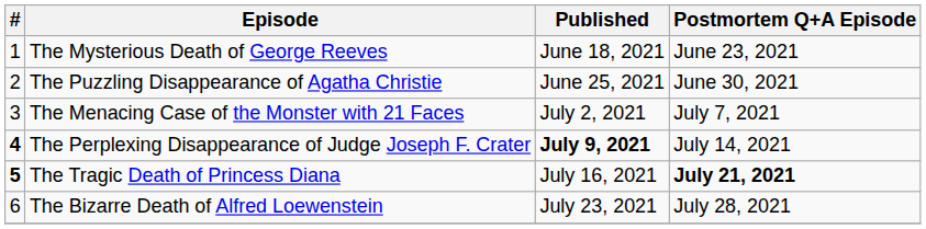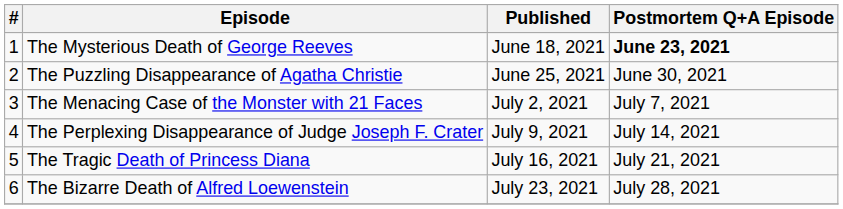 <table class="wikitable">
 <tr>
 <th>#</th>
 <th>Episode</th>
 <th>Published</th>
 <th>Postmortem Q+A Episode</th>
 </tr>
 <tr>
 <td>1</td>
 <td>The Mysterious Death of <a href='#'>George Reeves</a></td>
 <td>June 18, 2021</td>
-<td>June 23, 2021</td>
+<td><strong>June 23, 2021</strong></td>
 </tr>
 <tr>
 <td>2</td>
 <td>The Puzzling Disappearance of <a href='#'>Agatha Christie</a></td>
 <td>June 25, 2021</td>
 <td>June 30, 2021</td>
 </tr>
 <tr>
 <td>3</td>
 <td>The Menacing Case of <a href='#'>the Monster with 21 Faces</a></td>
 <td>July 2, 2021</td>
 <td>July 7, 2021</td>
 </tr>
 <tr>
-<td><strong>4</strong></td>
+<td>4</td>
 <td>The Perplexing Disappearance of Judge <a href='#'>Joseph F. Crater</a></td>
-<td><strong>July 9, 2021</strong></td>
+<td>July 9, 2021</td>
 <td>July 14, 2021</td>
 </tr>
 <tr>
-<td><strong>5</strong></td>
+<td>5</td>
 <td>The Tragic <a href='#'>Death of Princess Diana</a></td>
 <td>July 16, 2021</td>
-<td><strong>July 21, 2021</strong></td>
+<td>July 21, 2021</td>
 </tr>
 <tr>
 <td>6</td>
 <td>The Bizarre Death of <a href='#'>Alfred Loewenstein</a></td>
 <td>July 23, 2021</td>
 <td>July 28, 2021</td>
 </tr>
 <tr>
 </tr>
 </table>
